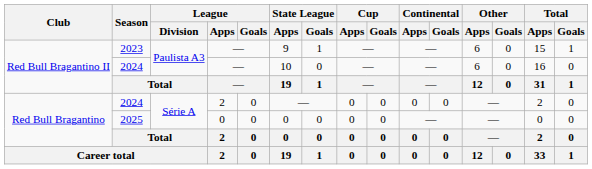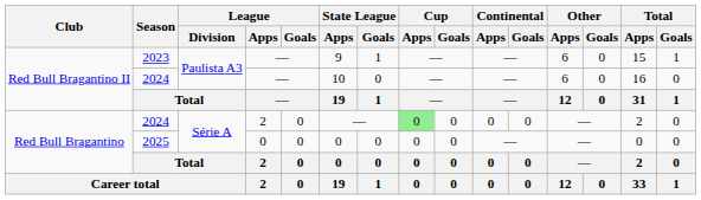 <table class="wikitable" style="text-align: center">
 <tr>
 <th rowspan="2">Club</th>
 <th rowspan="2">Season</th>
 <th colspan="3">League</th>
 <th colspan="2">State League</th>
 <th colspan="2">Cup</th>
 <th colspan="2">Continental</th>
 <th colspan="2">Other</th>
 <th colspan="2">Total</th>
 </tr>
 <tr>
 <th>Division</th>
 <th>Apps</th>
 <th>Goals</th>
 <th>Apps</th>
 <th>Goals</th>
 <th>Apps</th>
 <th>Goals</th>
 <th>Apps</th>
 <th>Goals</th>
 <th>Apps</th>
 <th>Goals</th>
 <th>Apps</th>
 <th>Goals</th>
 </tr>
 <tr>
 <td rowspan="3"><a href='#'>Red Bull Bragantino II</a></td>
 <td><a href='#'>2023</a></td>
 <td rowspan="2"><a href='#'>Paulista A3</a></td>
 <td colspan="2">—</td>
 <td>9</td>
 <td>1</td>
 <td colspan="2">—</td>
 <td colspan="2">—</td>
 <td>6</td>
 <td>0</td>
 <td>15</td>
 <td>1</td>
 </tr>
 <tr>
 <td><a href='#'>2024</a></td>
 <td colspan="2">—</td>
 <td>10</td>
 <td>0</td>
 <td colspan="2">—</td>
 <td colspan="2">—</td>
 <td>6</td>
 <td>0</td>
 <td>16</td>
 <td>0</td>
 </tr>
 <tr>
 <th colspan="2">Total</th>
 <th colspan="2">—</th>
 <th>19</th>
 <th>1</th>
 <th colspan="2">—</th>
 <th colspan="2">—</th>
 <th>12</th>
 <th>0</th>
 <th>31</th>
 <th>1</th>
 </tr>
 <tr>
 <td rowspan="3"><a href='#'>Red Bull Bragantino</a></td>
 <td><a href='#'>2024</a></td>
 <td rowspan="2"><a href='#'>Série A</a></td>
 <td>2</td>
 <td>0</td>
 <td colspan="2">—</td>
-<td>0</td>
+<td style="background: lightgreen;">0</td>
 <td>0</td>
 <td>0</td>
 <td>0</td>
 <td colspan="2">—</td>
 <td>2</td>
 <td>0</td>
 </tr>
 <tr>
 <td><a href='#'>2025</a></td>
 <td>0</td>
 <td>0</td>
 <td>0</td>
 <td>0</td>
 <td>0</td>
 <td>0</td>
 <td colspan="2">—</td>
 <td colspan="2">—</td>
 <td>0</td>
 <td>0</td>
 </tr>
 <tr>
 <th colspan="2">Total</th>
 <th>2</th>
 <th>0</th>
 <th>0</th>
 <th>0</th>
 <th>0</th>
 <th>0</th>
 <th>0</th>
 <th>0</th>
 <th colspan="2">—</th>
 <th>2</th>
 <th>0</th>
 </tr>
 <tr>
 <th colspan="3"><strong>Career total</strong></th>
 <th>2</th>
 <th>0</th>
 <th>19</th>
 <th>1</th>
 <th>0</th>
 <th>0</th>
 <th>0</th>
 <th>0</th>
 <th>12</th>
 <th>0</th>
 <th>33</th>
 <th>1</th>
 </tr>
 </table>
